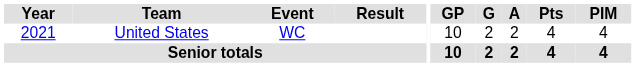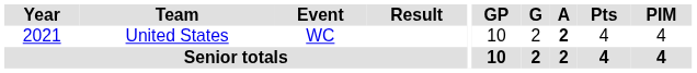 <table border="0" cellpadding="1" cellspacing="0" ID="Table3" style="text-align:center; width:40em">
 <tr ALIGN="center" bgcolor="#e0e0e0">
 <th>Year</th>
 <th>Team</th>
 <th>Event</th>
 <th>Result</th>
 <th rowspan="99" bgcolor="#ffffff"></th>
 <th>GP</th>
 <th>G</th>
 <th>A</th>
 <th>Pts</th>
 <th>PIM</th>
 </tr>
 <tr>
 <td><a href='#'>2021</a></td>
 <td><a href='#'>United States</a></td>
 <td><a href='#'>WC</a></td>
 <td></td>
 <td>10</td>
 <td>2</td>
-<td>2</td>
+<td><strong>2</strong></td>
 <td>4</td>
 <td>4</td>
 </tr>
 <tr bgcolor="#e0e0e0">
 <th colspan="4">Senior totals</th>
 <th>10</th>
 <th>2</th>
 <th>2</th>
 <th>4</th>
 <th>4</th>
 </tr>
 </table>
